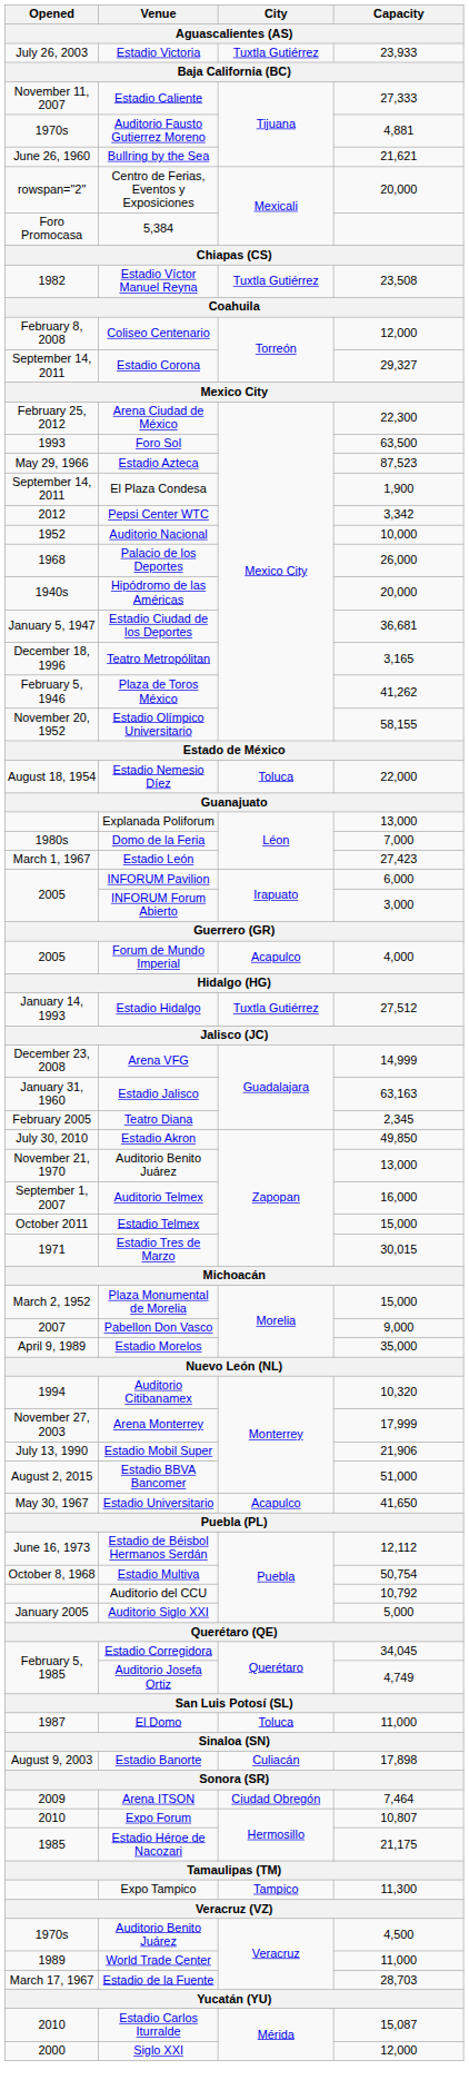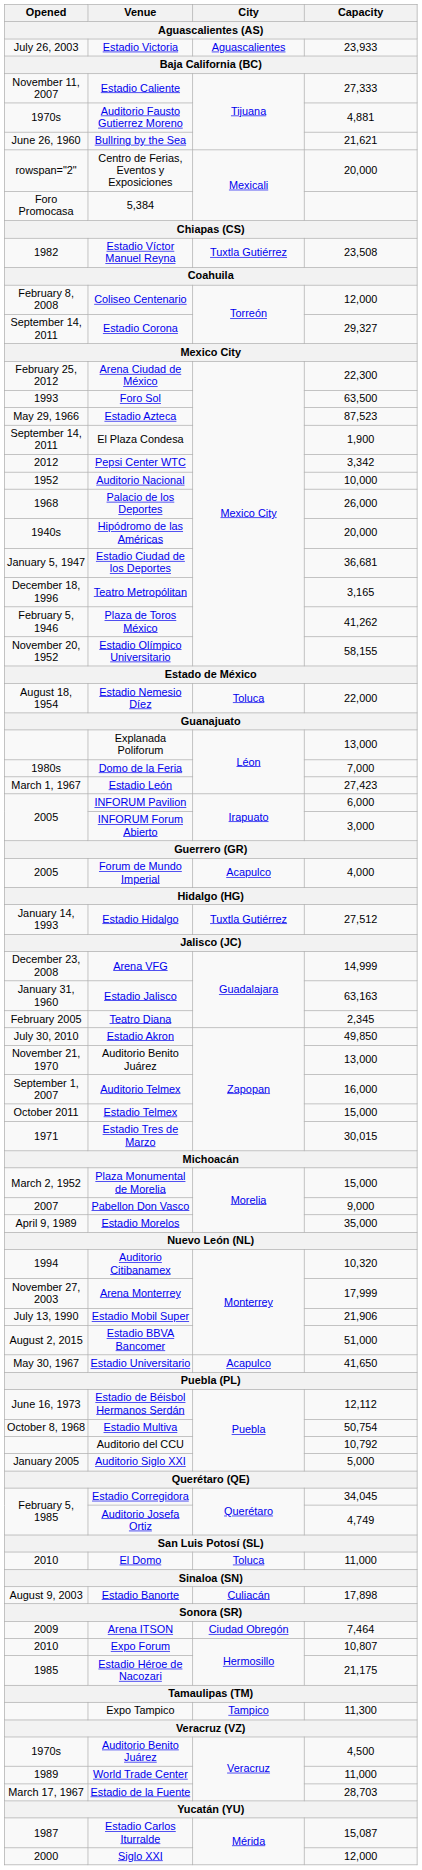 <table class="sortable wikitable" style="text-align:center;">
 <tr>
 <th scope="col" style="width:10em;">Opened</th>
 <th scope="col" style="width:15em;">Venue</th>
 <th scope="col" style="width:15em;">City</th>
 <th scope="col" style="width:20em;">Capacity</th>
 </tr>
 <tr>
 <th colspan="4">Aguascalientes (AS)</th>
 </tr>
 <tr>
 <td>July 26, 2003</td>
 <td><a href='#'>Estadio Victoria</a></td>
-<td><a href='#'>Tuxtla Gutiérrez</a></td>
+<td><a href='#'>Aguascalientes</a></td>
 <td>23,933</td>
 </tr>
 <tr>
 <th colspan="4">Baja California (BC)</th>
 </tr>
 <tr>
 <td>November 11, 2007</td>
 <td><a href='#'>Estadio Caliente</a></td>
 <td rowspan="3"><a href='#'>Tijuana</a></td>
 <td>27,333</td>
 </tr>
 <tr>
 <td>1970s</td>
 <td><a href='#'>Auditorio Fausto Gutierrez Moreno</a></td>
 <td>4,881</td>
 </tr>
 <tr>
 <td>June 26, 1960</td>
 <td><a href='#'>Bullring by the Sea</a></td>
 <td>21,621</td>
 </tr>
 <tr>
 <td>rowspan="2" </td>
 <td>Centro de Ferias, Eventos y Exposiciones</td>
 <td rowspan="2"><a href='#'>Mexicali</a></td>
 <td>20,000</td>
 </tr>
 <tr>
 <td>Foro Promocasa</td>
 <td>5,384</td>
 </tr>
 <tr>
 <th colspan="4">Chiapas (CS)</th>
 </tr>
 <tr>
 <td>1982</td>
 <td><a href='#'>Estadio Víctor Manuel Reyna</a></td>
 <td><a href='#'>Tuxtla Gutiérrez</a></td>
 <td>23,508</td>
 </tr>
 <tr>
 <th colspan="4">Coahuila</th>
 </tr>
 <tr>
 <td>February 8, 2008</td>
 <td><a href='#'>Coliseo Centenario</a></td>
 <td rowspan="2"><a href='#'>Torreón</a></td>
 <td>12,000</td>
 </tr>
 <tr>
 <td>September 14, 2011</td>
 <td><a href='#'>Estadio Corona</a></td>
 <td>29,327</td>
 </tr>
 <tr>
 <th colspan="4">Mexico City</th>
 </tr>
 <tr>
 <td>February 25, 2012</td>
 <td><a href='#'>Arena Ciudad de México</a></td>
 <td rowspan="12"><a href='#'>Mexico City</a></td>
 <td>22,300</td>
 </tr>
 <tr>
 <td>1993</td>
 <td><a href='#'>Foro Sol</a></td>
 <td>63,500</td>
 </tr>
 <tr>
 <td>May 29, 1966</td>
 <td><a href='#'>Estadio Azteca</a></td>
 <td>87,523</td>
 </tr>
 <tr>
 <td>September 14, 2011</td>
 <td>El Plaza Condesa</td>
 <td>1,900</td>
 </tr>
 <tr>
 <td>2012</td>
 <td><a href='#'>Pepsi Center WTC</a></td>
 <td>3,342</td>
 </tr>
 <tr>
 <td>1952</td>
 <td><a href='#'>Auditorio Nacional</a></td>
 <td>10,000</td>
 </tr>
 <tr>
 <td>1968</td>
 <td><a href='#'>Palacio de los Deportes</a></td>
 <td>26,000</td>
 </tr>
 <tr>
 <td>1940s</td>
 <td><a href='#'>Hipódromo de las Américas</a></td>
 <td>20,000</td>
 </tr>
 <tr>
 <td>January 5, 1947</td>
 <td><a href='#'>Estadio Ciudad de los Deportes</a></td>
 <td>36,681</td>
 </tr>
 <tr>
 <td>December 18, 1996</td>
 <td><a href='#'>Teatro Metropólitan</a></td>
 <td>3,165</td>
 </tr>
 <tr>
 <td>February 5, 1946</td>
 <td><a href='#'>Plaza de Toros México</a></td>
 <td>41,262</td>
 </tr>
 <tr>
 <td>November 20, 1952</td>
 <td><a href='#'>Estadio Olímpico Universitario</a></td>
 <td>58,155</td>
 </tr>
 <tr>
 <th colspan="4">Estado de México</th>
 </tr>
 <tr>
 <td>August 18, 1954</td>
 <td><a href='#'>Estadio Nemesio Díez</a></td>
 <td><a href='#'>Toluca</a></td>
 <td>22,000</td>
 </tr>
 <tr>
 <th colspan="4">Guanajuato</th>
 </tr>
 <tr>
 <td></td>
 <td>Explanada Poliforum</td>
 <td rowspan="3"><a href='#'>Léon</a></td>
 <td>13,000</td>
 </tr>
 <tr>
 <td>1980s</td>
 <td><a href='#'>Domo de la Feria</a></td>
 <td>7,000</td>
 </tr>
 <tr>
 <td>March 1, 1967</td>
 <td><a href='#'>Estadio León</a></td>
 <td>27,423</td>
 </tr>
 <tr>
 <td rowspan="2">2005</td>
 <td><a href='#'>INFORUM Pavilion</a></td>
 <td rowspan="2"><a href='#'>Irapuato</a></td>
 <td>6,000</td>
 </tr>
 <tr>
 <td><a href='#'>INFORUM Forum Abierto</a></td>
 <td>3,000</td>
 </tr>
 <tr>
 <th colspan="4">Guerrero (GR)</th>
 </tr>
 <tr>
 <td>2005</td>
 <td><a href='#'>Forum de Mundo Imperial</a></td>
 <td><a href='#'>Acapulco</a></td>
 <td>4,000</td>
 </tr>
 <tr>
 <th colspan="4">Hidalgo (HG)</th>
 </tr>
 <tr>
 <td>January 14, 1993</td>
 <td><a href='#'>Estadio Hidalgo</a></td>
 <td><a href='#'>Tuxtla Gutiérrez</a></td>
 <td>27,512</td>
 </tr>
 <tr>
 <th colspan="4">Jalisco (JC)</th>
 </tr>
 <tr>
 <td>December 23, 2008</td>
 <td><a href='#'>Arena VFG</a></td>
 <td rowspan="3"><a href='#'>Guadalajara</a></td>
 <td>14,999</td>
 </tr>
 <tr>
 <td>January 31, 1960</td>
 <td><a href='#'>Estadio Jalisco</a></td>
 <td>63,163</td>
 </tr>
 <tr>
 <td>February 2005</td>
 <td><a href='#'>Teatro Diana</a></td>
 <td>2,345</td>
 </tr>
 <tr>
 <td>July 30, 2010</td>
 <td><a href='#'>Estadio Akron</a></td>
 <td rowspan="5"><a href='#'>Zapopan</a></td>
 <td>49,850</td>
 </tr>
 <tr>
 <td>November 21, 1970</td>
 <td>Auditorio Benito Juárez</td>
 <td>13,000</td>
 </tr>
 <tr>
 <td>September 1, 2007</td>
 <td><a href='#'>Auditorio Telmex</a></td>
 <td>16,000</td>
 </tr>
 <tr>
 <td>October 2011</td>
 <td><a href='#'>Estadio Telmex</a></td>
 <td>15,000</td>
 </tr>
 <tr>
 <td>1971</td>
 <td><a href='#'>Estadio Tres de Marzo</a></td>
 <td>30,015</td>
 </tr>
 <tr>
 <th colspan="4">Michoacán</th>
 </tr>
 <tr>
 <td>March 2, 1952</td>
 <td><a href='#'>Plaza Monumental de Morelia</a></td>
 <td rowspan="3"><a href='#'>Morelia</a></td>
 <td>15,000</td>
 </tr>
 <tr>
 <td>2007</td>
 <td><a href='#'>Pabellon Don Vasco</a></td>
 <td>9,000</td>
 </tr>
 <tr>
 <td>April 9, 1989</td>
 <td><a href='#'>Estadio Morelos</a></td>
 <td>35,000</td>
 </tr>
 <tr>
 <th colspan="4">Nuevo León (NL)</th>
 </tr>
 <tr>
 <td>1994</td>
 <td><a href='#'>Auditorio Citibanamex</a></td>
 <td rowspan="4"><a href='#'>Monterrey</a></td>
 <td>10,320</td>
 </tr>
 <tr>
 <td>November 27, 2003</td>
 <td><a href='#'>Arena Monterrey</a></td>
 <td>17,999</td>
 </tr>
 <tr>
 <td>July 13, 1990</td>
 <td><a href='#'>Estadio Mobil Super</a></td>
 <td>21,906</td>
 </tr>
 <tr>
 <td>August 2, 2015</td>
 <td><a href='#'>Estadio BBVA Bancomer</a></td>
 <td>51,000</td>
 </tr>
 <tr>
 <td>May 30, 1967</td>
 <td><a href='#'>Estadio Universitario</a></td>
 <td><a href='#'>Acapulco</a></td>
 <td>41,650</td>
 </tr>
 <tr>
 <th colspan="4">Puebla (PL)</th>
 </tr>
 <tr>
 <td>June 16, 1973</td>
 <td><a href='#'>Estadio de Béisbol Hermanos Serdán</a></td>
 <td rowspan="4"><a href='#'>Puebla</a></td>
 <td>12,112</td>
 </tr>
 <tr>
 <td>October 8, 1968</td>
 <td><a href='#'>Estadio Multiva</a></td>
 <td>50,754</td>
 </tr>
 <tr>
 <td></td>
 <td>Auditorio del CCU</td>
 <td>10,792</td>
 </tr>
 <tr>
 <td>January 2005</td>
 <td><a href='#'>Auditorio Siglo XXI</a></td>
 <td>5,000</td>
 </tr>
 <tr>
 <th colspan="4">Querétaro (QE)</th>
 </tr>
 <tr>
 <td rowspan="2">February 5, 1985</td>
 <td><a href='#'>Estadio Corregidora</a></td>
 <td rowspan="2"><a href='#'>Querétaro</a></td>
 <td>34,045</td>
 </tr>
 <tr>
 <td><a href='#'>Auditorio Josefa Ortiz</a></td>
 <td>4,749</td>
 </tr>
 <tr>
 <th colspan="4">San Luis Potosí (SL)</th>
 </tr>
 <tr>
-<td>1987</td>
+<td>2010</td>
 <td><a href='#'>El Domo</a></td>
 <td><a href='#'>Toluca</a></td>
 <td>11,000</td>
 </tr>
 <tr>
 <th colspan="4">Sinaloa (SN)</th>
 </tr>
 <tr>
 <td>August 9, 2003</td>
 <td><a href='#'>Estadio Banorte</a></td>
 <td><a href='#'>Culiacán</a></td>
 <td>17,898</td>
 </tr>
 <tr>
 <th colspan="4">Sonora (SR)</th>
 </tr>
 <tr>
 <td>2009</td>
 <td><a href='#'>Arena ITSON</a></td>
 <td><a href='#'>Ciudad Obregón</a></td>
 <td>7,464</td>
 </tr>
 <tr>
 <td>2010</td>
 <td><a href='#'>Expo Forum</a></td>
 <td rowspan="2"><a href='#'>Hermosillo</a></td>
 <td>10,807</td>
 </tr>
 <tr>
 <td>1985</td>
 <td><a href='#'>Estadio Héroe de Nacozari</a></td>
 <td>21,175</td>
 </tr>
 <tr>
 <th colspan="4">Tamaulipas (TM)</th>
 </tr>
 <tr>
 <td></td>
 <td>Expo Tampico</td>
 <td><a href='#'>Tampico</a></td>
 <td>11,300</td>
 </tr>
 <tr>
 <th colspan="4">Veracruz (VZ)</th>
 </tr>
 <tr>
 <td>1970s</td>
 <td><a href='#'>Auditorio Benito Juárez</a></td>
 <td rowspan="3"><a href='#'>Veracruz</a></td>
 <td>4,500</td>
 </tr>
 <tr>
 <td>1989</td>
 <td><a href='#'>World Trade Center</a></td>
 <td>11,000</td>
 </tr>
 <tr>
 <td>March 17, 1967</td>
 <td><a href='#'>Estadio de la Fuente</a></td>
 <td>28,703</td>
 </tr>
 <tr>
 <th colspan="4">Yucatán (YU)</th>
 </tr>
 <tr>
-<td>2010</td>
+<td>1987</td>
 <td><a href='#'>Estadio Carlos Iturralde</a></td>
 <td rowspan="2"><a href='#'>Mérida</a></td>
 <td>15,087</td>
 </tr>
 <tr>
 <td>2000</td>
 <td><a href='#'>Siglo XXI</a></td>
 <td>12,000</td>
 </tr>
 </table>
